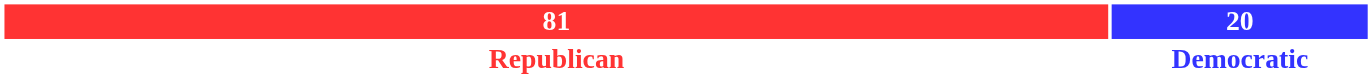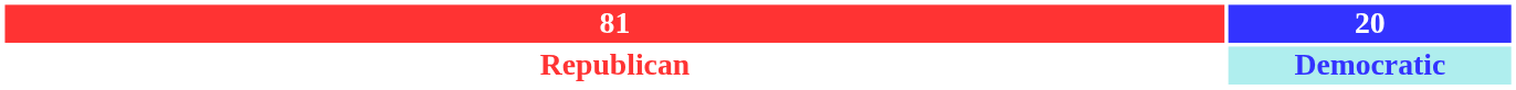 <table style="width:50%">
 <tr>
 <td scope="row" colspan="3" style="text-align:center"></td>
 </tr>
 <tr>
 <td scope="row" style="background:#F33; width:81.19%; text-align:center; color:white"><strong>81</strong></td>
 <td style="background:#33F; width:18.81%; text-align:center; color:white"><strong>20</strong></td>
 </tr>
 <tr>
 <td scope="row" style="text-align:center; color:#F33"><strong>Republican</strong></td>
-<td style="text-align:center; color:#33F"><strong>Democratic</strong></td>
+<td style="background: paleturquoise; text-align:center; color:#33F"><strong>Democratic</strong></td>
 </tr>
 </table>
